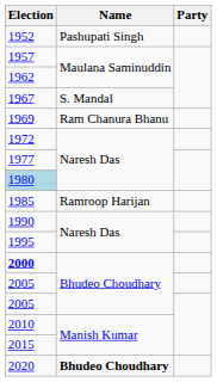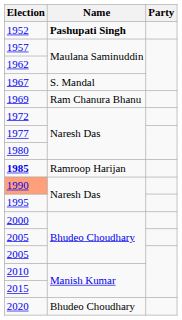 <table class="wikitable sortable">
 <tr>
 <th>Election</th>
 <th>Name</th>
 <th colspan="2">Party</th>
 </tr>
 <tr>
 <td><a href='#'>1952</a></td>
-<td>Pashupati Singh</td>
+<td><strong>Pashupati Singh</strong></td>
 <td></td>
 </tr>
 <tr>
 <td><a href='#'>1957</a></td>
 <td rowspan="2">Maulana Saminuddin</td>
 </tr>
 <tr>
 <td><a href='#'>1962</a></td>
 </tr>
 <tr>
 <td><a href='#'>1967</a></td>
 <td>S. Mandal</td>
 </tr>
 <tr>
 <td><a href='#'>1969</a></td>
 <td>Ram Chanura Bhanu</td>
 <td></td>
 </tr>
 <tr>
 <td><a href='#'>1972</a></td>
 <td rowspan="3">Naresh Das</td>
 <td></td>
 </tr>
 <tr>
 <td><a href='#'>1977</a></td>
 </tr>
 <tr>
-<td style="background: lightblue;"><a href='#'>1980</a></td>
+<td><a href='#'>1980</a></td>
 </tr>
 <tr>
-<td><a href='#'>1985</a></td>
+<td><strong><a href='#'>1985</a></strong></td>
 <td>Ramroop Harijan</td>
 <td></td>
 </tr>
 <tr>
-<td><a href='#'>1990</a></td>
+<td style="background: lightsalmon;"><a href='#'>1990</a></td>
 <td rowspan="2">Naresh Das</td>
 <td></td>
 </tr>
 <tr>
 <td><a href='#'>1995</a></td>
 </tr>
 <tr>
-<td><strong><a href='#'>2000</a></strong></td>
+<td><a href='#'>2000</a></td>
 <td rowspan="3"><a href='#'>Bhudeo Choudhary</a></td>
 <td></td>
 </tr>
 <tr>
 <td><a href='#'>2005</a></td>
 <td></td>
 </tr>
 <tr>
 <td><a href='#'>2005</a></td>
 </tr>
 <tr>
 <td><a href='#'>2010</a></td>
 <td rowspan="2"><a href='#'>Manish Kumar</a></td>
 </tr>
 <tr>
 <td><a href='#'>2015</a></td>
 </tr>
 <tr>
 <td><a href='#'>2020</a></td>
-<td><strong>Bhudeo Choudhary</strong></td>
+<td>Bhudeo Choudhary</td>
 <td></td>
 </tr>
 </table>
